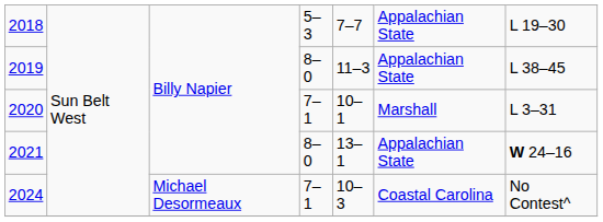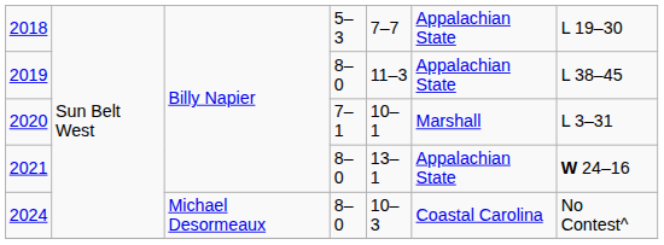 <table class="wikitable">
 <tr>
 <td><a href='#'>2018</a></td>
 <td rowspan="5”">Sun Belt West</td>
 <td rowspan="4”"><a href='#'>Billy Napier</a></td>
 <td>5–3</td>
 <td>7–7</td>
 <td><a href='#'>Appalachian State</a></td>
 <td>L 19–30</td>
 </tr>
 <tr>
 <td><a href='#'>2019</a></td>
 <td>8–0</td>
 <td>11–3</td>
 <td><a href='#'>Appalachian State</a></td>
 <td>L 38–45</td>
 </tr>
 <tr>
 <td><a href='#'>2020</a></td>
 <td>7–1</td>
 <td>10–1</td>
 <td><a href='#'>Marshall</a></td>
 <td>L 3–31</td>
 </tr>
 <tr>
 <td><a href='#'>2021</a></td>
 <td>8–0</td>
 <td>13–1</td>
 <td><a href='#'>Appalachian State</a></td>
 <td><strong>W</strong> 24–16</td>
 </tr>
 <tr>
 <td><a href='#'>2024</a></td>
 <td><a href='#'>Michael Desormeaux</a></td>
-<td>7–1</td>
+<td>8–0</td>
 <td>10–3</td>
 <td><a href='#'>Coastal Carolina</a></td>
 <td>No Contest^</td>
 </tr>
 <tr>
 </tr>
 </table>
